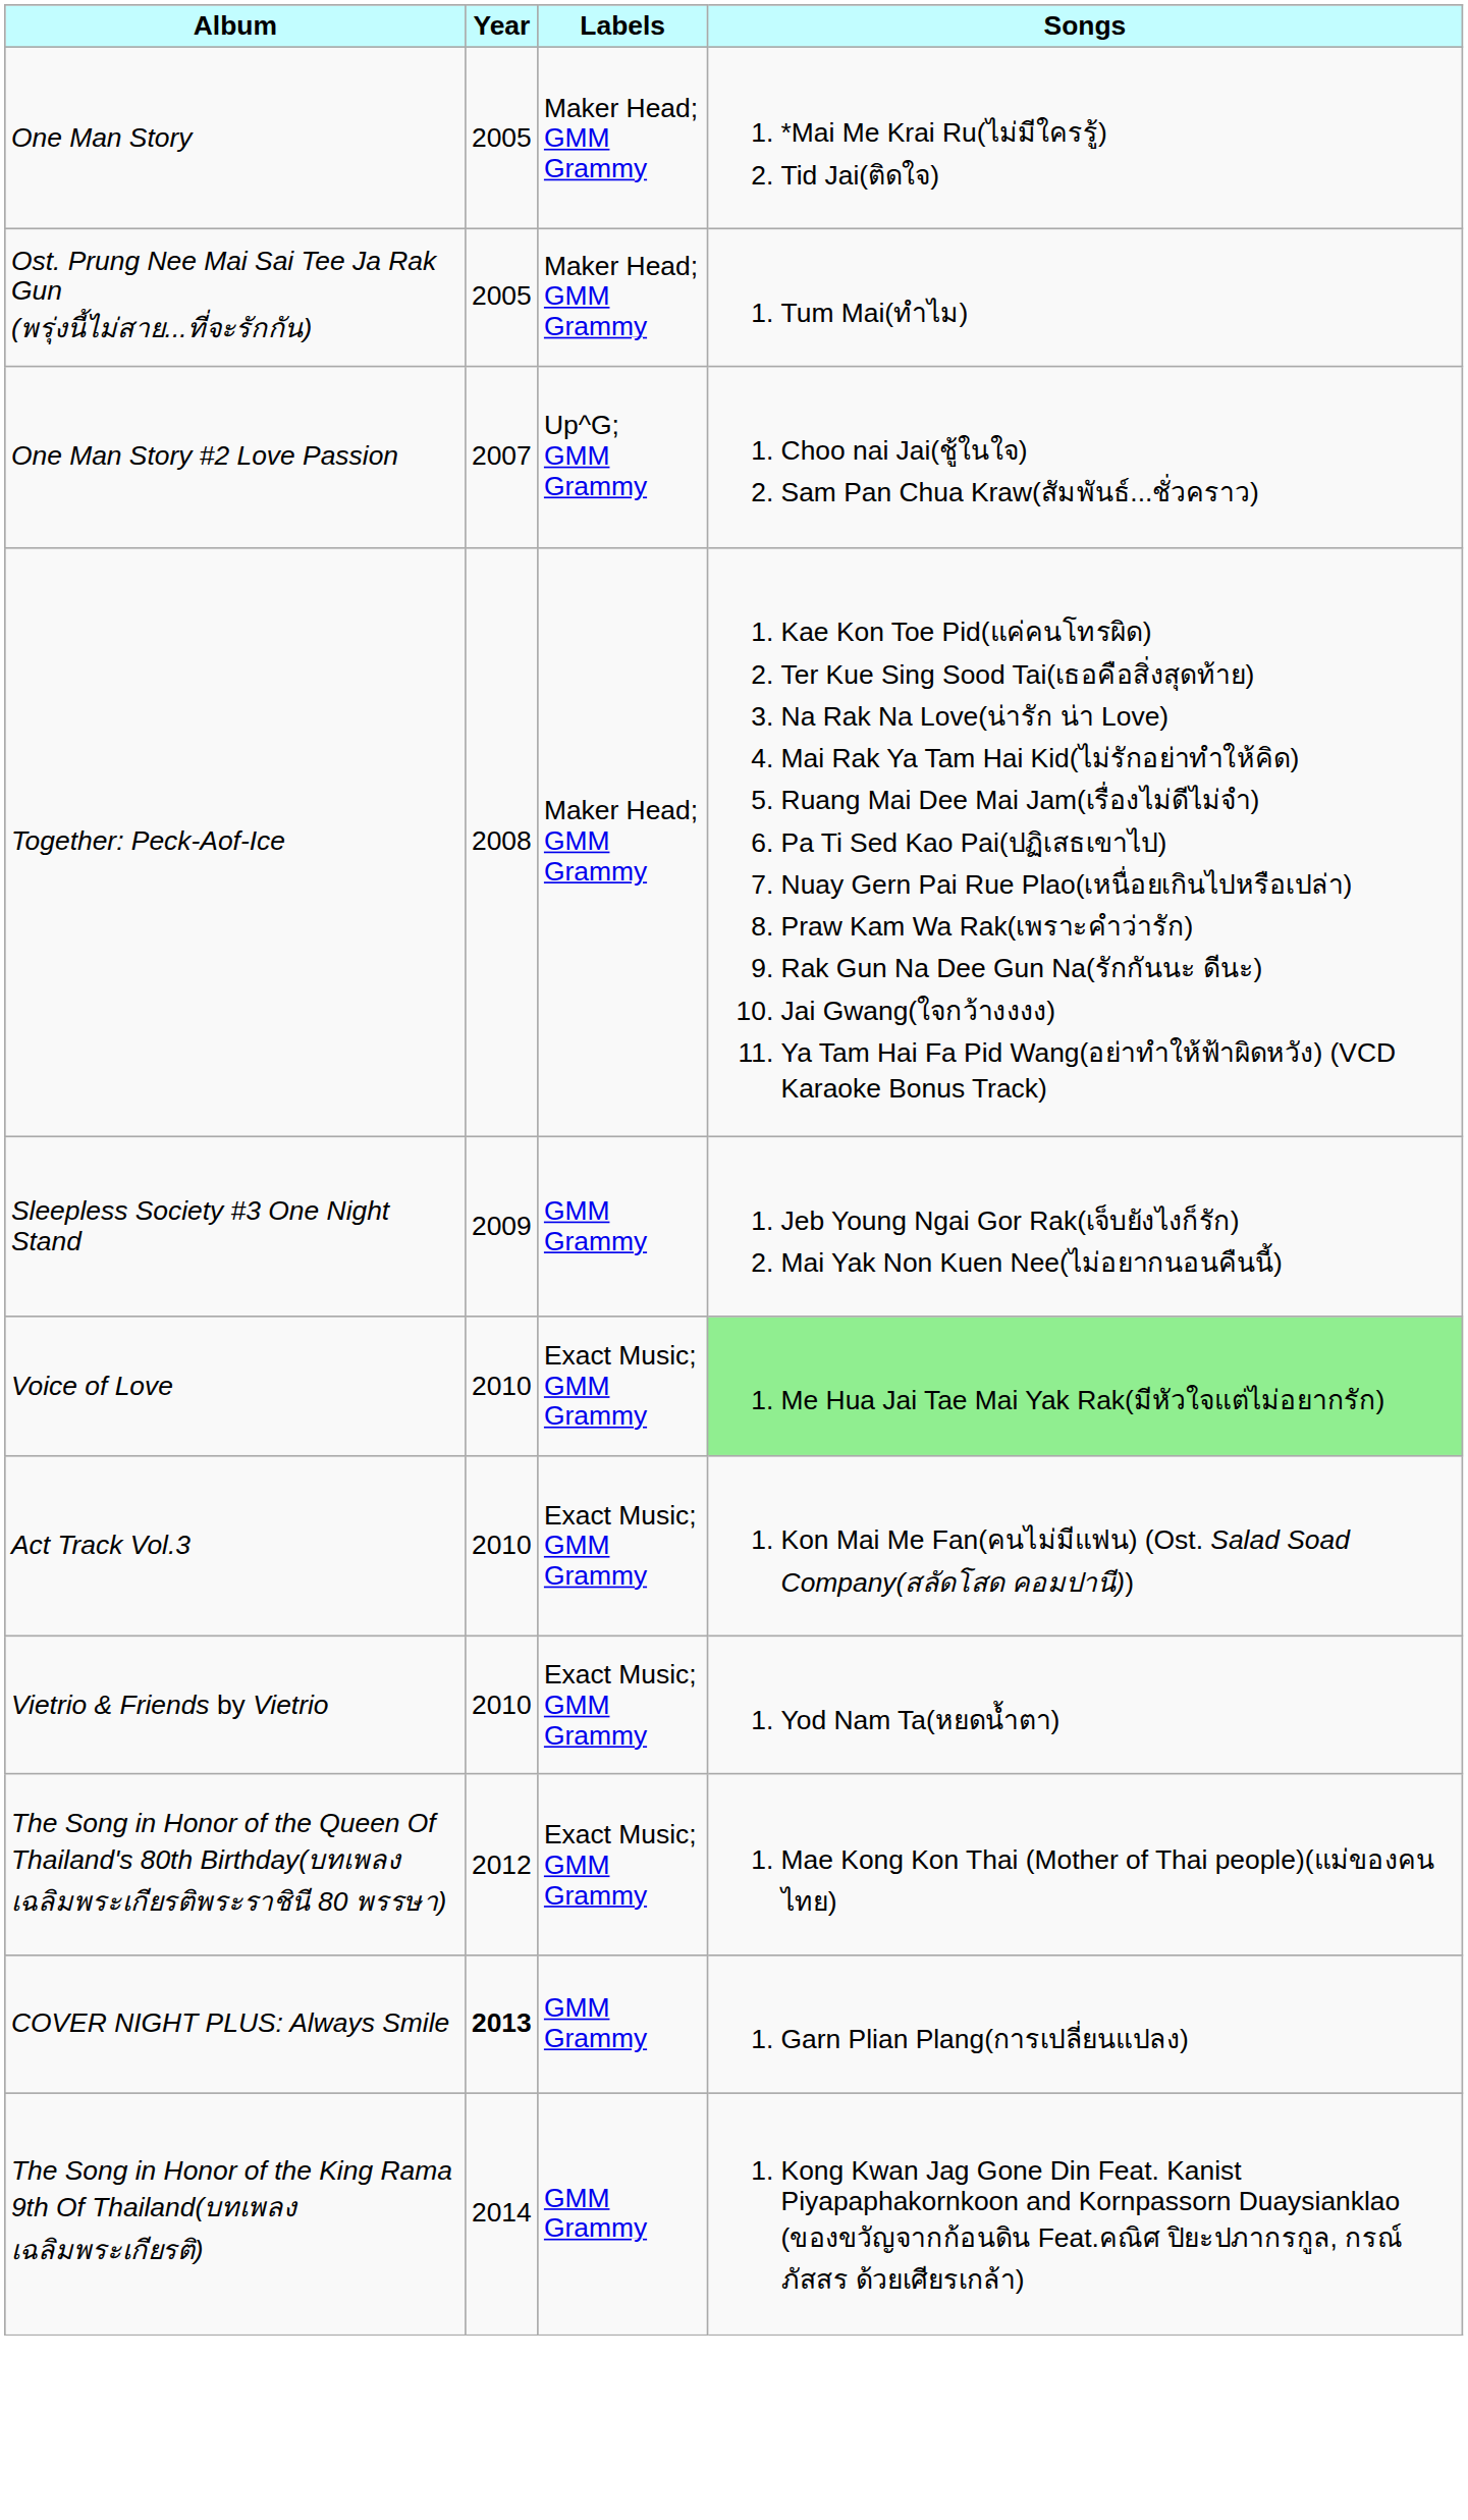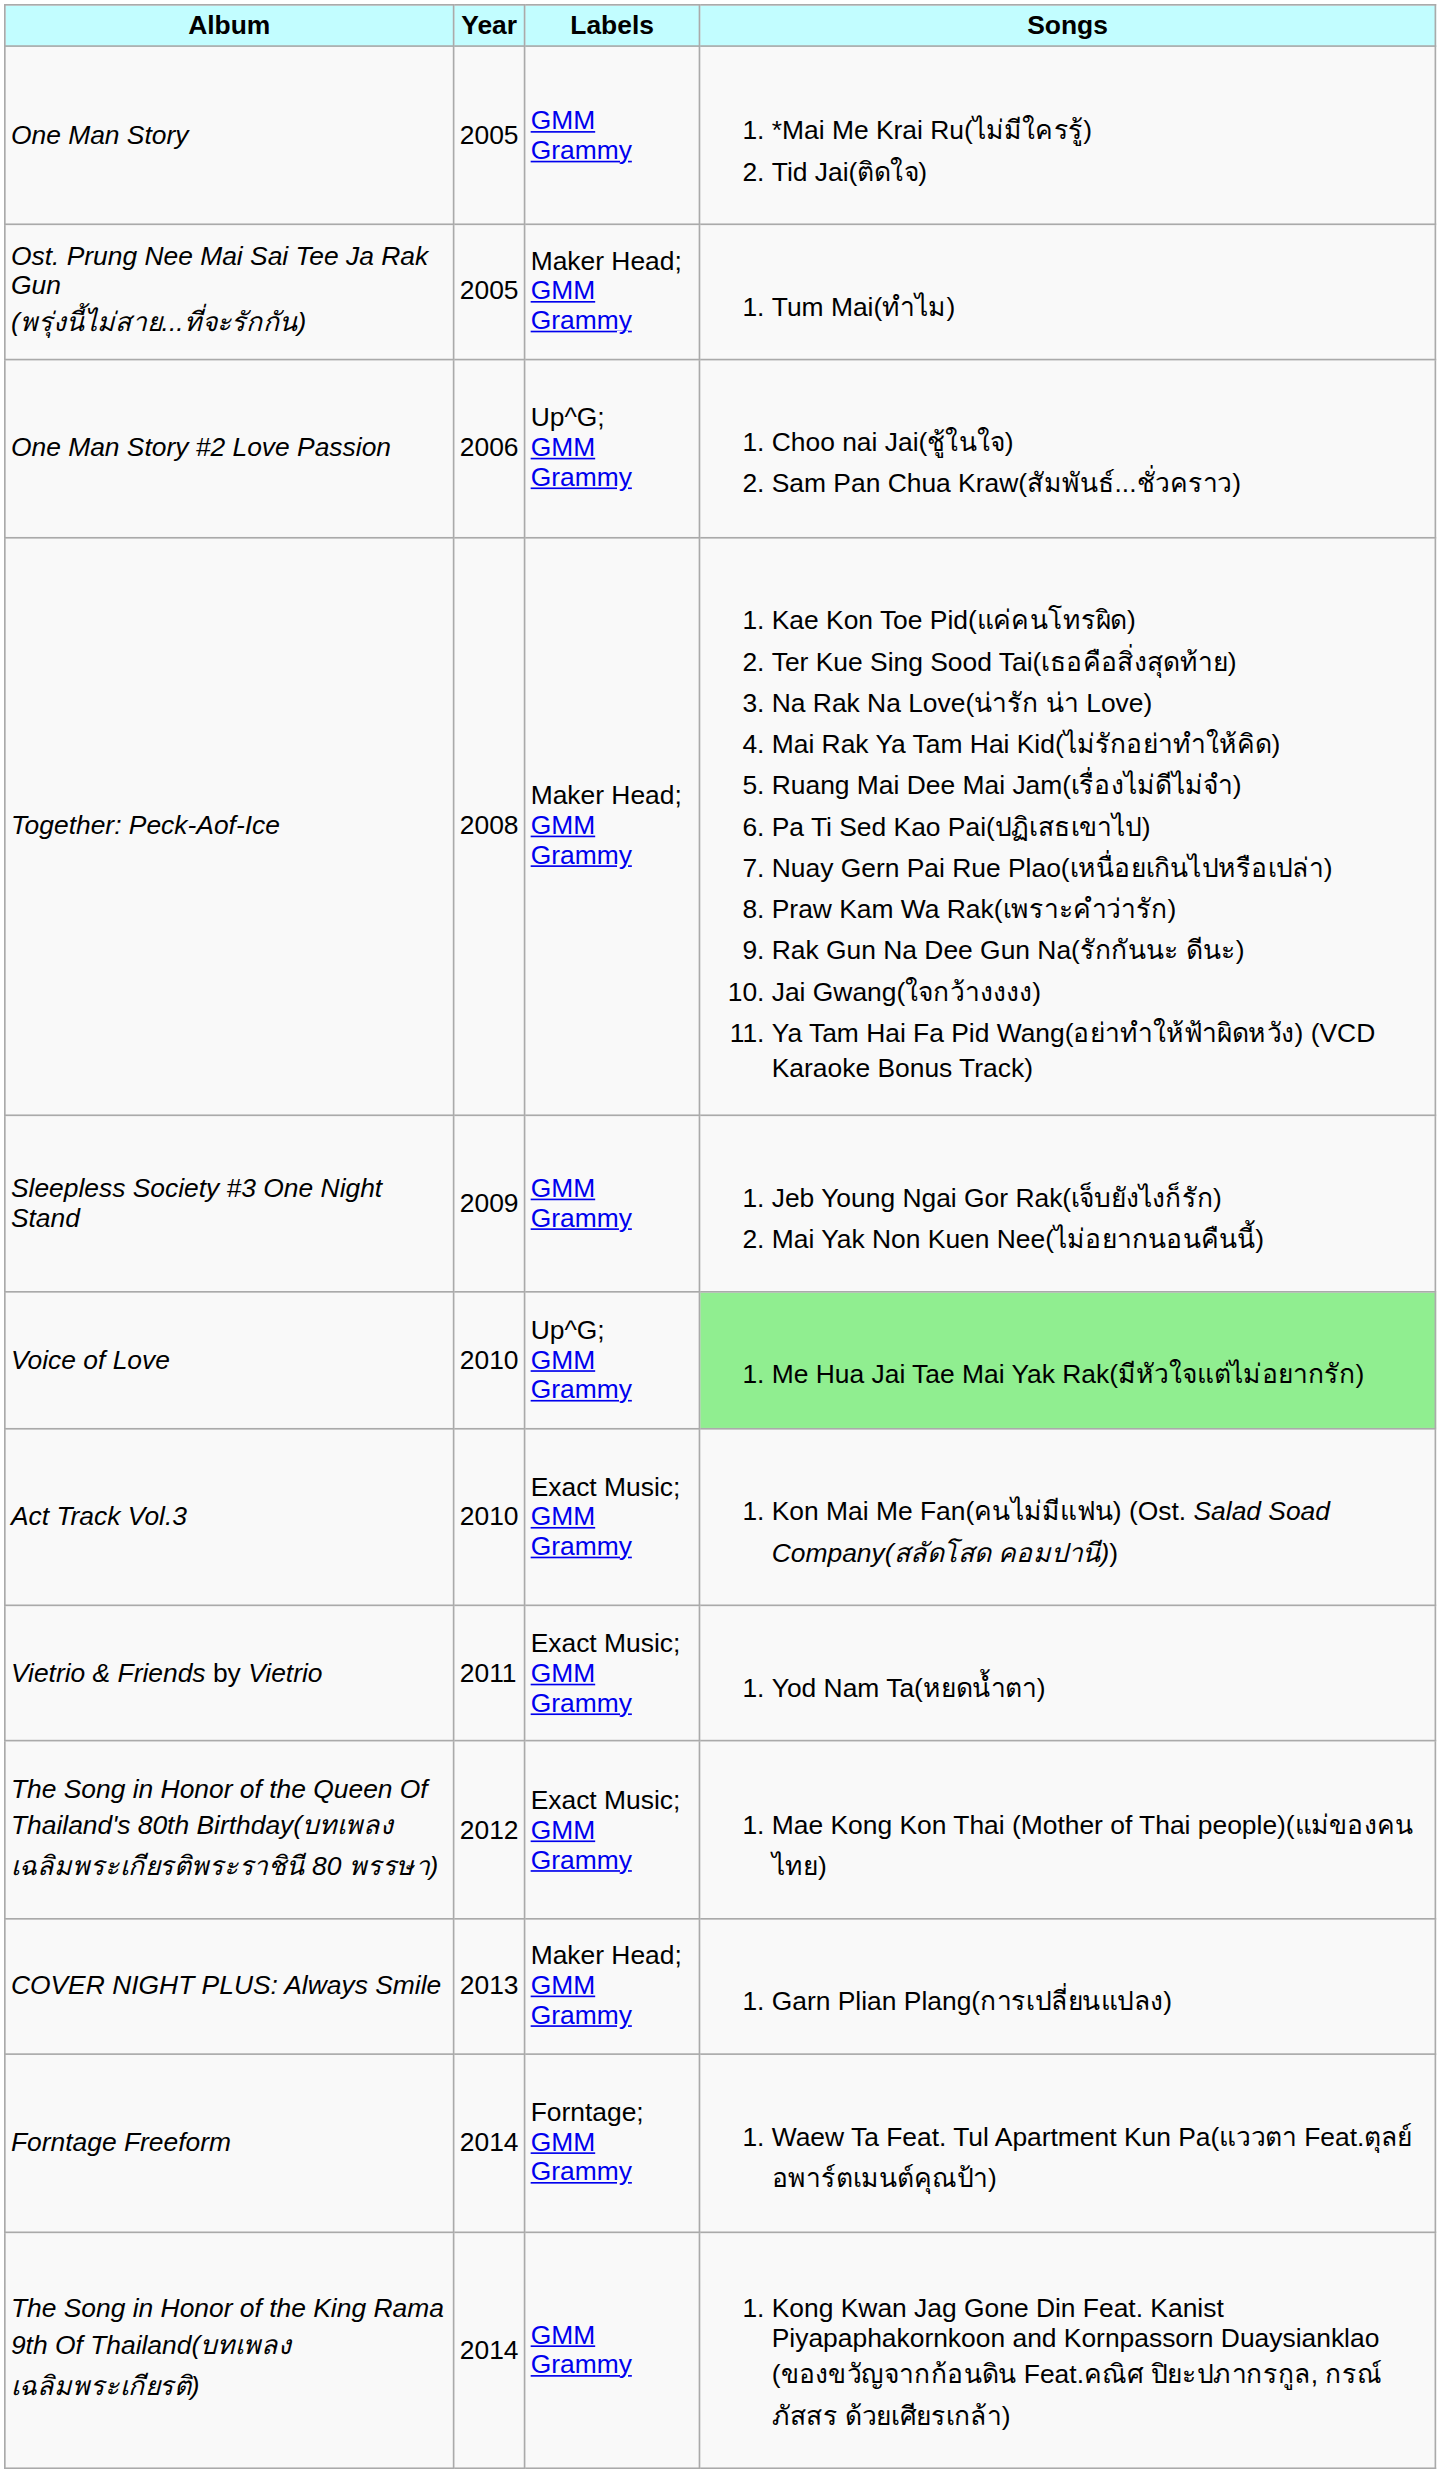 <table class="wikitable">
 <tr>
 <th style="background: #c2fdff">Album</th>
 <th style="background: #c2fdff">Year</th>
 <th style="background: #c2fdff">Labels</th>
 <th style="background: #c2fdff">Songs</th>
 </tr>
 <tr>
 <td><em>One Man Story</em></td>
 <td>2005</td>
-<td>Maker Head; <a href='#'>GMM Grammy</a></td>
+<td><a href='#'>GMM Grammy</a></td>
 <td><br><ol><li>*Mai Me Krai Ru(ไม่มีใครรู้)</li><li>Tid Jai(ติดใจ)</li></ol></td>
 </tr>
 <tr>
 <td><em>Ost. Prung Nee Mai Sai Tee Ja Rak Gun<br>(พรุ่งนี้ไม่สาย...ที่จะรักกัน)</em><br></td>
 <td>2005</td>
 <td>Maker Head; <a href='#'>GMM Grammy</a></td>
 <td><br><ol><li>Tum Mai(ทำไม)</li></ol></td>
 </tr>
 <tr>
 <td><em>One Man Story #2</em> <em>Love Passion</em></td>
-<td>2007</td>
+<td>2006</td>
 <td>Up^G; <br><a href='#'>GMM Grammy</a><br></td>
 <td><br><ol><li>Choo nai Jai(ชู้ในใจ)</li><li>Sam Pan Chua Kraw(สัมพันธ์...ชั่วคราว)</li></ol></td>
 </tr>
 <tr>
 <td><em>Together: </em> <em>Peck-Aof-Ice</em></td>
 <td>2008</td>
 <td>Maker Head; <a href='#'>GMM Grammy</a></td>
 <td><br><ol><li>Kae Kon Toe Pid(แค่คนโทรผิด)</li><li>Ter Kue Sing Sood Tai(เธอคือสิ่งสุดท้าย)</li><li>Na Rak Na Love(น่ารัก น่า Love)</li><li>Mai Rak Ya Tam Hai Kid(ไม่รักอย่าทำให้คิด)</li><li>Ruang Mai Dee Mai Jam(เรื่องไม่ดีไม่จำ)</li><li>Pa Ti Sed Kao Pai(ปฏิเสธเขาไป)</li><li>Nuay Gern Pai Rue Plao(เหนื่อยเกินไปหรือเปล่า)</li><li>Praw Kam Wa Rak(เพราะคำว่ารัก)</li><li>Rak Gun Na Dee Gun Na(รักกันนะ ดีนะ)</li><li>Jai Gwang(ใจกว้างงงง)</li><li>Ya Tam Hai Fa Pid Wang(อย่าทำให้ฟ้าผิดหวัง) (VCD Karaoke Bonus Track)</li></ol></td>
 </tr>
 <tr>
 <td><em>Sleepless Society #3</em> <em>One Night Stand</em></td>
 <td>2009</td>
 <td><a href='#'>GMM Grammy</a></td>
 <td><br><ol><li>Jeb Young Ngai Gor Rak(เจ็บยังไงก็รัก)</li><li>Mai Yak Non Kuen Nee(ไม่อยากนอนคืนนี้)</li></ol></td>
 </tr>
 <tr>
 <td><em>Voice of Love</em></td>
 <td>2010</td>
-<td>Exact Music; <a href='#'>GMM Grammy</a></td>
+<td>Up^G; <br><a href='#'>GMM Grammy</a><br></td>
 <td style="background: lightgreen;"><br><ol><li>Me Hua Jai Tae Mai Yak Rak(มีหัวใจแต่ไม่อยากรัก)</li></ol></td>
 </tr>
 <tr>
 <td><em>Act Track Vol.3</em></td>
 <td>2010</td>
 <td>Exact Music; <a href='#'>GMM Grammy</a></td>
 <td><br><ol><li>Kon Mai Me Fan(คนไม่มีแฟน) (Ost. <em>Salad Soad Company(สลัดโสด คอมปานี)</em>)</li></ol></td>
 </tr>
 <tr>
 <td><em>Vietrio & Friends</em> by <em>Vietrio</em></td>
-<td>2010</td>
+<td>2011</td>
 <td>Exact Music; <a href='#'>GMM Grammy</a></td>
 <td><br><ol><li>Yod Nam Ta(หยดน้ำตา)</li></ol></td>
 </tr>
 <tr>
 <td><em> The Song in Honor of the Queen Of Thailand's 80th Birthday(บทเพลงเฉลิมพระเกียรติพระราชินี 80 พรรษา)</em></td>
 <td>2012</td>
 <td>Exact Music; <a href='#'>GMM Grammy</a></td>
 <td><br><ol><li>Mae Kong Kon Thai (Mother of Thai people)(แม่ของคนไทย)</li></ol></td>
 </tr>
 <tr>
 <td><em>COVER NIGHT PLUS: Always Smile</em></td>
-<td><strong>2013</strong></td>
-<td><a href='#'>GMM Grammy</a></td>
+<td>2013</td>
+<td>Maker Head; <a href='#'>GMM Grammy</a></td>
 <td><br><ol><li>Garn Plian Plang(การเปลี่ยนแปลง)</li></ol></td>
+</tr>
+<tr>
+<td><em>Forntage Freeform</em></td>
+<td>2014</td>
+<td>Forntage; <br><a href='#'>GMM Grammy</a><br></td>
+<td><br><ol><li>Waew Ta Feat. Tul Apartment Kun Pa(แววตา Feat.ตุลย์ อพาร์ตเมนต์คุณป้า)</li></ol></td>
 </tr>
 <tr>
 <td><em> The Song in Honor of the King Rama 9th Of Thailand(บทเพลงเฉลิมพระเกียรติ) </em></td>
 <td>2014</td>
 <td><a href='#'>GMM Grammy</a></td>
 <td><br><ol><li>Kong Kwan Jag Gone Din Feat. Kanist Piyapaphakornkoon and Kornpassorn Duaysianklao (ของขวัญจากก้อนดิน Feat.คณิศ ปิยะปภากรกูล, กรณ์ภัสสร ด้วยเศียรเกล้า)</li></ol></td>
 </tr>
 </table>
